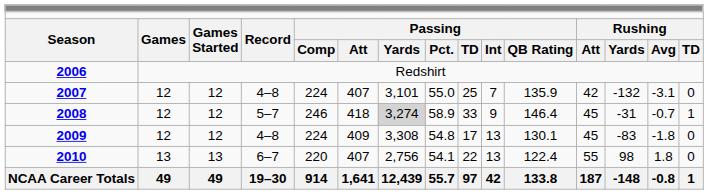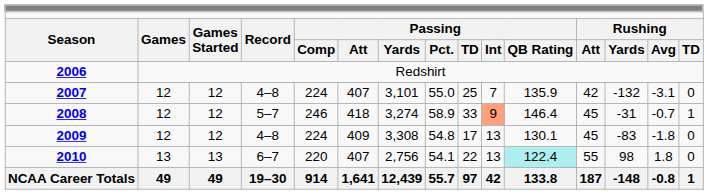 <table class=wikitable style="text-align:center;">
 <tr>
 <td ! colspan="15" style="background:gray; border:2px solid silver; color:white;"></td>
 </tr>
 <tr>
 <td ! colspan="15"></td>
 </tr>
 <tr>
 <th rowspan=2>Season</th>
 <th rowspan=2>Games</th>
 <th rowspan=2>Games<br>Started</th>
 <th rowspan=2>Record</th>
 <th colspan=7>Passing</th>
 <th colspan=4>Rushing</th>
 </tr>
 <tr>
 <th>Comp</th>
 <th>Att</th>
 <th>Yards</th>
 <th>Pct.</th>
 <th>TD</th>
 <th>Int</th>
 <th>QB Rating</th>
 <th>Att</th>
 <th>Yards</th>
 <th>Avg</th>
 <th>TD</th>
 </tr>
 <tr>
 <td><strong><a href='#'>2006</a></strong></td>
 <td colspan=14 style="text-align:center;">Redshirt</td>
 </tr>
 <tr>
 <td><strong><a href='#'>2007</a></strong></td>
 <td>12</td>
 <td>12</td>
 <td>4–8</td>
 <td>224</td>
 <td>407</td>
 <td>3,101</td>
 <td>55.0</td>
 <td>25</td>
 <td>7</td>
 <td>135.9</td>
 <td>42</td>
 <td>-132</td>
 <td>-3.1</td>
 <td>0</td>
 </tr>
 <tr>
 <td><strong><a href='#'>2008</a></strong></td>
 <td>12</td>
 <td>12</td>
 <td>5–7</td>
 <td>246</td>
 <td>418</td>
-<td style="background: lightgrey;">3,274</td>
+<td>3,274</td>
 <td>58.9</td>
 <td>33</td>
-<td>9</td>
+<td style="background: lightsalmon;">9</td>
 <td>146.4</td>
 <td>45</td>
 <td>-31</td>
 <td>-0.7</td>
 <td>1</td>
 </tr>
 <tr>
 <td><strong><a href='#'>2009</a></strong></td>
 <td>12</td>
 <td>12</td>
 <td>4–8</td>
 <td>224</td>
 <td>409</td>
 <td>3,308</td>
 <td>54.8</td>
 <td>17</td>
 <td>13</td>
 <td>130.1</td>
 <td>45</td>
 <td>-83</td>
 <td>-1.8</td>
 <td>0</td>
 </tr>
 <tr>
 <td><strong><a href='#'>2010</a></strong></td>
 <td>13</td>
 <td>13</td>
 <td>6–7</td>
 <td>220</td>
 <td>407</td>
 <td>2,756</td>
 <td>54.1</td>
 <td>22</td>
 <td>13</td>
-<td>122.4</td>
+<td style="background: paleturquoise;">122.4</td>
 <td>55</td>
 <td>98</td>
 <td>1.8</td>
 <td>0</td>
 </tr>
 <tr>
 <th>NCAA Career Totals</th>
 <th>49</th>
 <th>49</th>
 <th>19–30</th>
 <th>914</th>
 <th>1,641</th>
 <th>12,439</th>
 <th>55.7</th>
 <th>97</th>
 <th>42</th>
 <th>133.8</th>
 <th>187</th>
 <th>-148</th>
 <th>-0.8</th>
 <th>1</th>
 </tr>
 </table>
